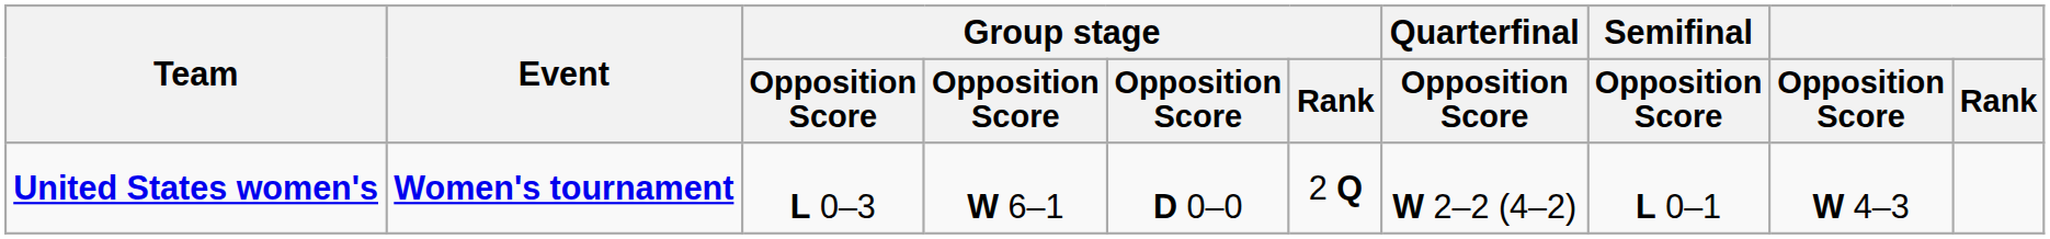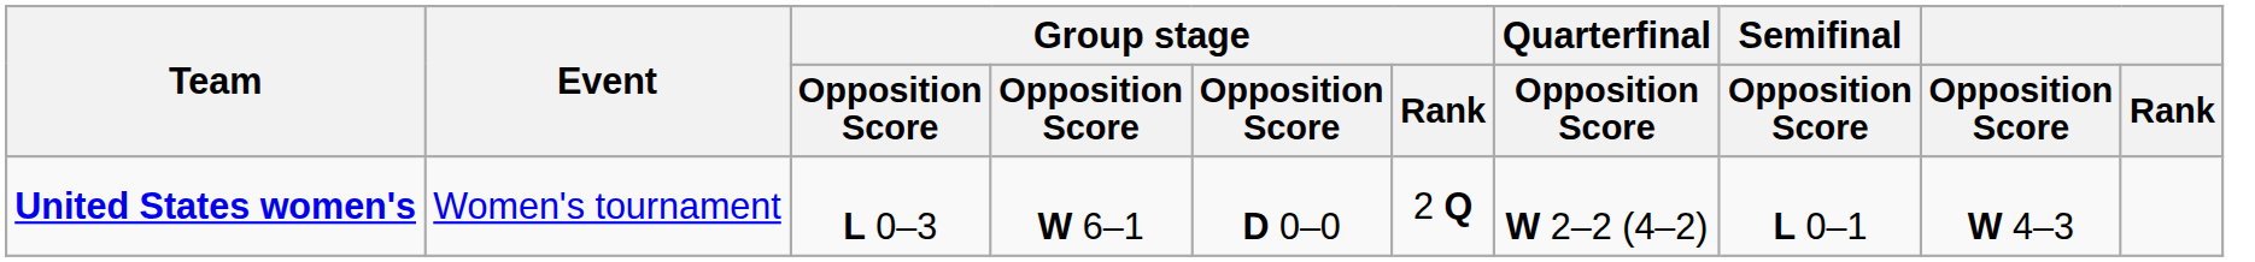 <table class=wikitable style="font-size:90%; text-align:center">
 <tr>
 <th rowspan=2>Team</th>
 <th rowspan=2>Event</th>
 <th colspan=4>Group stage</th>
 <th>Quarterfinal</th>
 <th>Semifinal</th>
 <th colspan=2></th>
 </tr>
 <tr style=font-size:95%>
 <th>Opposition<br>Score</th>
 <th>Opposition<br>Score</th>
 <th>Opposition<br>Score</th>
 <th>Rank</th>
 <th>Opposition<br>Score</th>
 <th>Opposition<br>Score</th>
 <th>Opposition<br>Score</th>
 <th>Rank</th>
 </tr>
 <tr>
 <td align=left><strong><a href='#'>United States women's</a></strong></td>
-<td align=left><strong><a href='#'>Women's tournament</a></strong></td>
+<td align=left><a href='#'>Women's tournament</a></td>
 <td><br><strong>L</strong> 0–3</td>
 <td><br><strong>W</strong> 6–1</td>
 <td><br><strong>D</strong> 0–0</td>
 <td>2 <strong>Q</strong></td>
 <td><br><strong>W</strong> 2–2 (4–2)</td>
 <td><br><strong>L</strong> 0–1</td>
 <td><br><strong>W</strong> 4–3</td>
 <td></td>
 </tr>
 </table>
